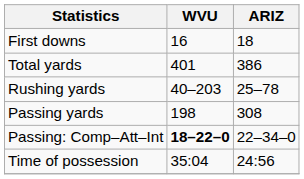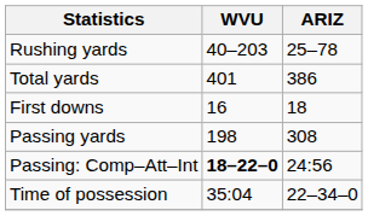 <table class="wikitable" style="float: left;">
 <tr>
 <th>Statistics</th>
 <th>WVU</th>
 <th>ARIZ</th>
 </tr>
 <tr>
-<td>First downs</td>
-<td>16</td>
-<td>18</td>
+<td>Rushing yards</td>
+<td>40–203</td>
+<td>25–78</td>
 </tr>
 <tr>
 <td>Total yards</td>
 <td>401</td>
 <td>386</td>
 </tr>
 <tr>
-<td>Rushing yards</td>
-<td>40–203</td>
-<td>25–78</td>
+<td>First downs</td>
+<td>16</td>
+<td>18</td>
 </tr>
 <tr>
 <td>Passing yards</td>
 <td>198</td>
 <td>308</td>
 </tr>
 <tr>
 <td>Passing: Comp–Att–Int</td>
 <td><strong>18–22–0</strong></td>
-<td>22–34–0</td>
+<td>24:56</td>
 </tr>
 <tr>
 <td>Time of possession</td>
 <td>35:04</td>
-<td>24:56</td>
+<td>22–34–0</td>
 </tr>
 <tr>
 </tr>
 </table>
